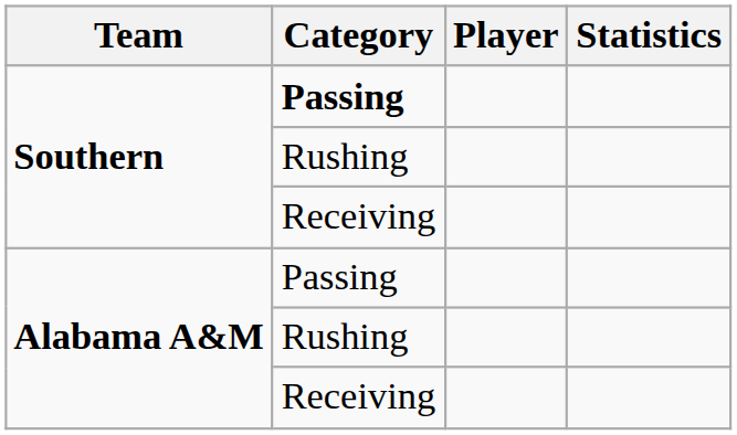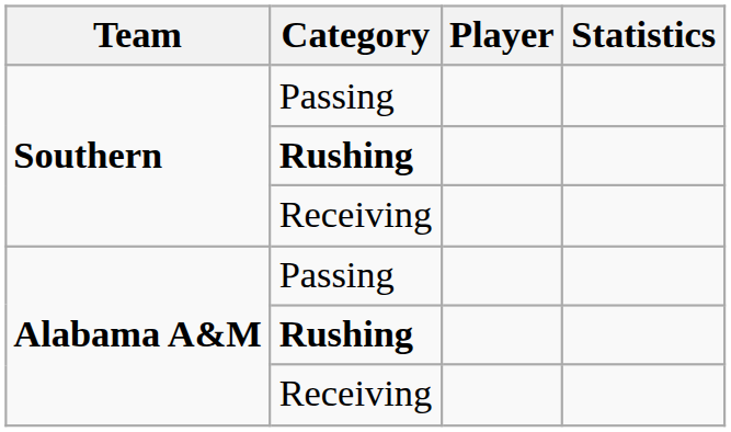 <table class="wikitable" style="float: right;">
 <tr>
 <th>Team</th>
 <th>Category</th>
 <th>Player</th>
 <th>Statistics</th>
 </tr>
 <tr>
 <td rowspan=3><strong>Southern</strong></td>
-<td><strong>Passing</strong></td>
+<td>Passing</td>
 <td></td>
 <td></td>
 </tr>
 <tr>
-<td>Rushing</td>
+<td><strong>Rushing</strong></td>
 <td></td>
 <td></td>
 </tr>
 <tr>
 <td>Receiving</td>
 <td></td>
 <td></td>
 </tr>
 <tr>
 <td rowspan=3><strong>Alabama A&M</strong></td>
 <td>Passing</td>
 <td></td>
 <td></td>
 </tr>
 <tr>
-<td>Rushing</td>
+<td><strong>Rushing</strong></td>
 <td></td>
 <td></td>
 </tr>
 <tr>
 <td>Receiving</td>
 <td></td>
 <td></td>
 </tr>
 </table>
